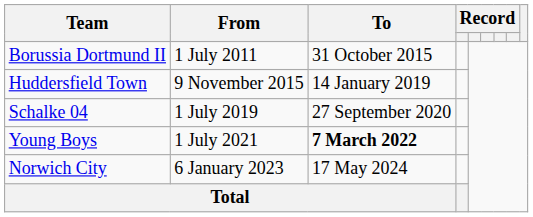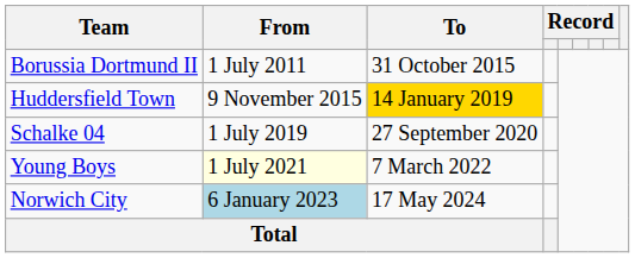 <table class=wikitable style="text-align: center">
 <tr>
 <th rowspan=2>Team</th>
 <th rowspan=2>From</th>
 <th rowspan=2>To</th>
 <th colspan=5>Record</th>
 <th rowspan=2></th>
 </tr>
 <tr>
 <th></th>
 <th></th>
 <th></th>
 <th></th>
 <th></th>
 </tr>
 <tr>
 <td align=left><a href='#'>Borussia Dortmund II</a></td>
 <td align=left>1 July 2011</td>
 <td align=left>31 October 2015<br></td>
 <td></td>
 </tr>
 <tr>
 <td align=left><a href='#'>Huddersfield Town</a></td>
 <td align=left>9 November 2015</td>
-<td align=left>14 January 2019<br></td>
+<td align=left style="background: gold;">14 January 2019<br></td>
 <td></td>
 </tr>
 <tr>
 <td align=left><a href='#'>Schalke 04</a></td>
 <td align=left>1 July 2019</td>
 <td align=left>27 September 2020<br></td>
 <td></td>
 </tr>
 <tr>
 <td align=left><a href='#'>Young Boys</a></td>
-<td align=left>1 July 2021</td>
-<td align=left><strong>7 March 2022<br></strong></td>
+<td align=left style="background: lightyellow;">1 July 2021</td>
+<td align=left>7 March 2022<br></td>
 <td></td>
 </tr>
 <tr>
 <td align=left><a href='#'>Norwich City</a></td>
-<td align=left>6 January 2023</td>
+<td align=left style="background: lightblue;">6 January 2023</td>
 <td align=left>17 May 2024<br></td>
 <td></td>
 </tr>
 <tr>
 <th colspan=3>Total<br></th>
 <th></th>
 </tr>
 </table>
